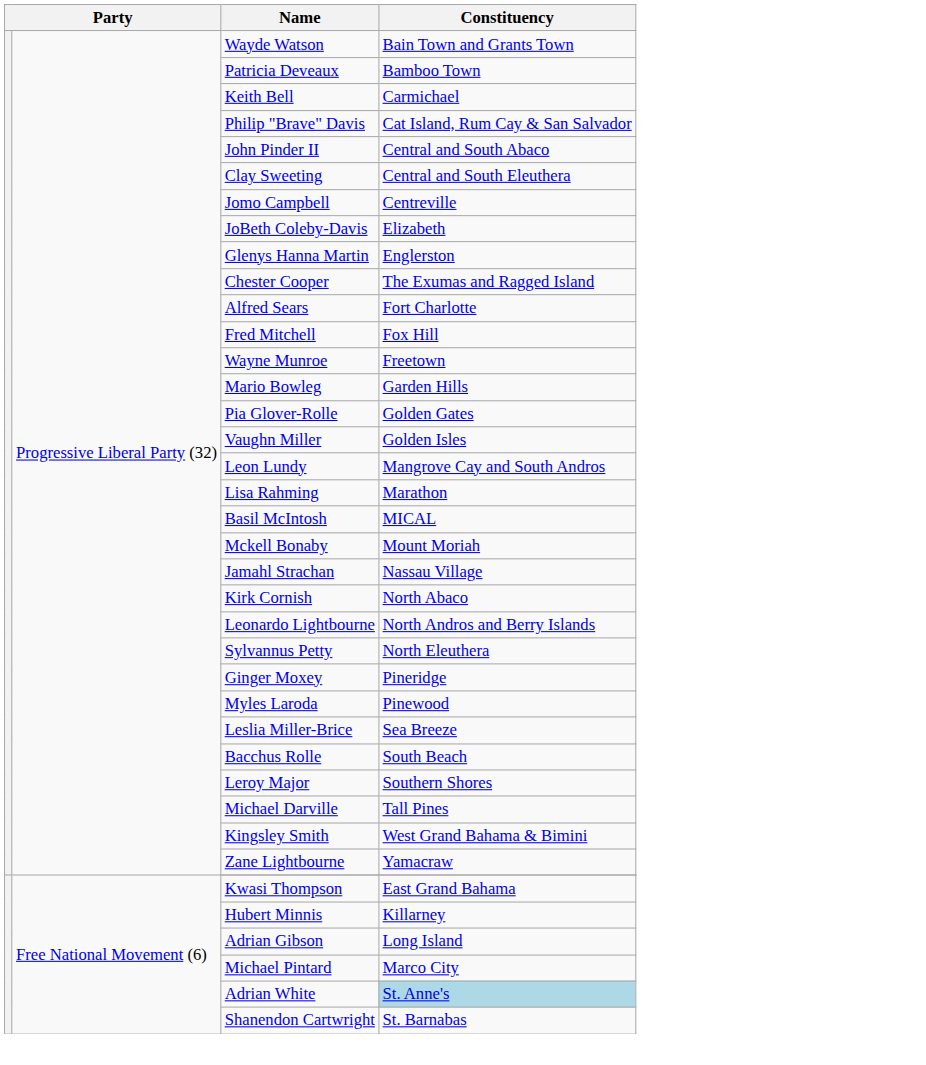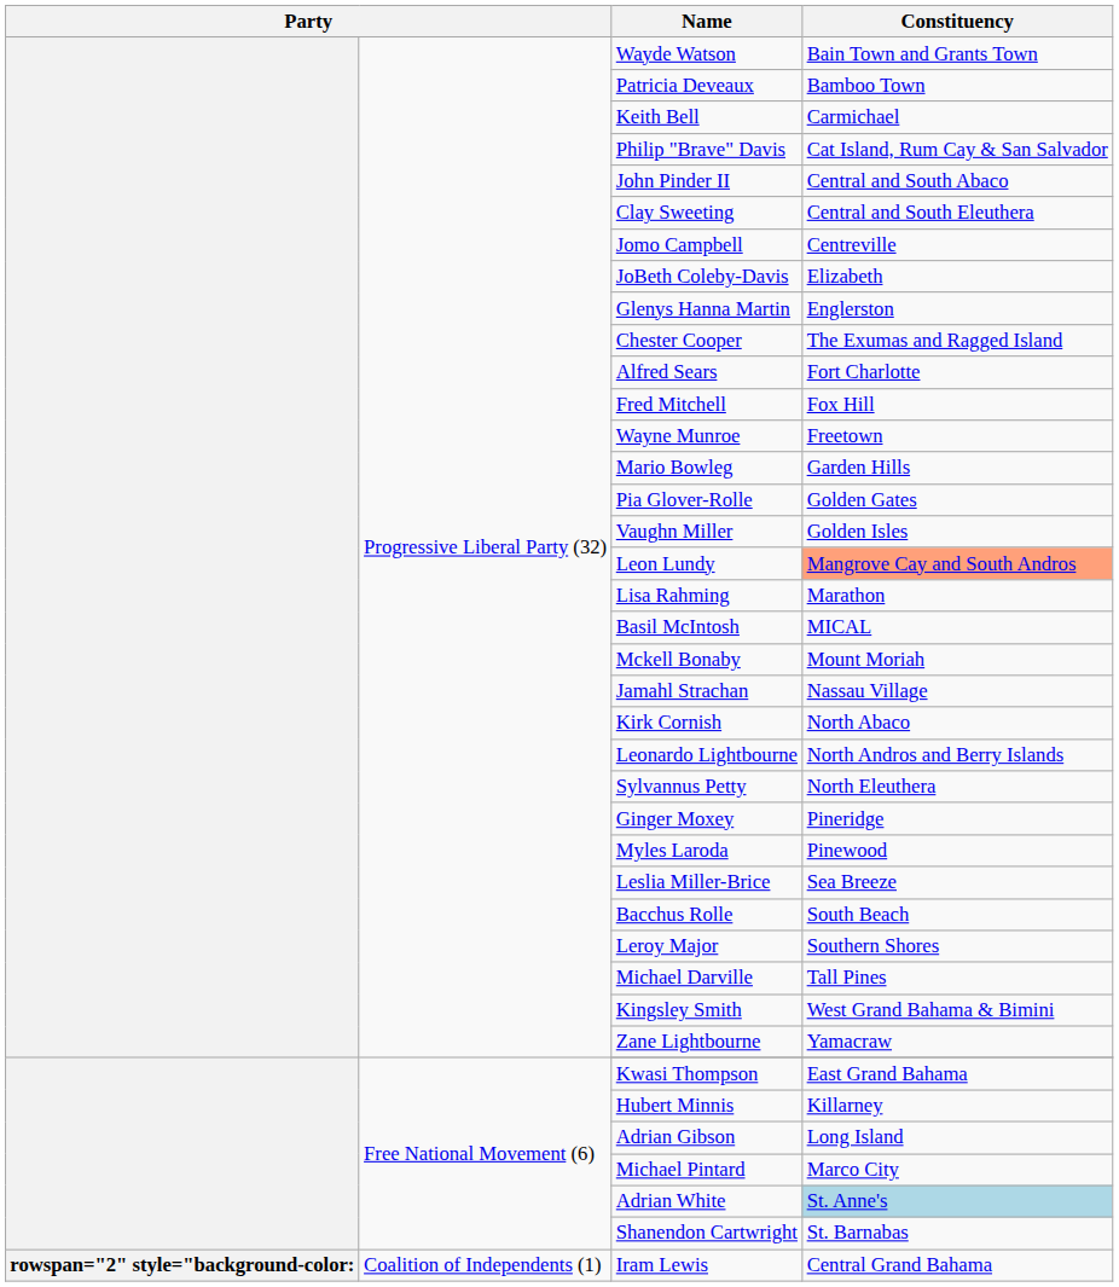 <table class="wikitable sortable">
 <tr>
 <th colspan=2>Party</th>
 <th>Name</th>
 <th>Constituency</th>
 </tr>
 <tr>
 <th rowspan="32" style="background-color: "></th>
 <td rowspan="32"><a href='#'>Progressive Liberal Party</a> (32)</td>
 <td><a href='#'>Wayde Watson</a></td>
 <td><a href='#'>Bain Town and Grants Town</a></td>
 </tr>
 <tr>
 <td><a href='#'>Patricia Deveaux</a></td>
 <td><a href='#'>Bamboo Town</a></td>
 </tr>
 <tr>
 <td><a href='#'>Keith Bell</a></td>
 <td><a href='#'>Carmichael</a></td>
 </tr>
 <tr>
 <td><a href='#'>Philip "Brave" Davis</a></td>
 <td><a href='#'>Cat Island, Rum Cay & San Salvador</a></td>
 </tr>
 <tr>
 <td><a href='#'>John Pinder II</a></td>
 <td><a href='#'>Central and South Abaco</a></td>
 </tr>
 <tr>
 <td><a href='#'>Clay Sweeting</a></td>
 <td><a href='#'>Central and South Eleuthera</a></td>
 </tr>
 <tr>
 <td><a href='#'>Jomo Campbell</a></td>
 <td><a href='#'>Centreville</a></td>
 </tr>
 <tr>
 <td><a href='#'>JoBeth Coleby-Davis</a></td>
 <td><a href='#'>Elizabeth</a></td>
 </tr>
 <tr>
 <td><a href='#'>Glenys Hanna Martin</a></td>
 <td><a href='#'>Englerston</a></td>
 </tr>
 <tr>
 <td><a href='#'>Chester Cooper</a></td>
 <td><a href='#'>The Exumas and Ragged Island</a></td>
 </tr>
 <tr>
 <td><a href='#'>Alfred Sears</a></td>
 <td><a href='#'>Fort Charlotte</a></td>
 </tr>
 <tr>
 <td><a href='#'>Fred Mitchell</a></td>
 <td><a href='#'>Fox Hill</a></td>
 </tr>
 <tr>
 <td><a href='#'>Wayne Munroe</a></td>
 <td><a href='#'>Freetown</a></td>
 </tr>
 <tr>
 <td><a href='#'>Mario Bowleg</a></td>
 <td><a href='#'>Garden Hills</a></td>
 </tr>
 <tr>
 <td><a href='#'>Pia Glover-Rolle</a></td>
 <td><a href='#'>Golden Gates</a></td>
 </tr>
 <tr>
 <td><a href='#'>Vaughn Miller</a></td>
 <td><a href='#'>Golden Isles</a></td>
 </tr>
 <tr>
 <td><a href='#'>Leon Lundy</a></td>
-<td><a href='#'>Mangrove Cay and South Andros</a></td>
+<td style="background: lightsalmon;"><a href='#'>Mangrove Cay and South Andros</a></td>
 </tr>
 <tr>
 <td><a href='#'>Lisa Rahming</a></td>
 <td><a href='#'>Marathon</a></td>
 </tr>
 <tr>
 <td><a href='#'>Basil McIntosh</a></td>
 <td><a href='#'>MICAL</a></td>
 </tr>
 <tr>
 <td><a href='#'>Mckell Bonaby</a></td>
 <td><a href='#'>Mount Moriah</a></td>
 </tr>
 <tr>
 <td><a href='#'>Jamahl Strachan</a></td>
 <td><a href='#'>Nassau Village</a></td>
 </tr>
 <tr>
 <td><a href='#'>Kirk Cornish</a></td>
 <td><a href='#'>North Abaco</a></td>
 </tr>
 <tr>
 <td><a href='#'>Leonardo Lightbourne</a></td>
 <td><a href='#'>North Andros and Berry Islands</a></td>
 </tr>
 <tr>
 <td><a href='#'>Sylvannus Petty</a></td>
 <td><a href='#'>North Eleuthera</a></td>
 </tr>
 <tr>
 <td><a href='#'>Ginger Moxey</a></td>
 <td><a href='#'>Pineridge</a></td>
 </tr>
 <tr>
 <td><a href='#'>Myles Laroda</a></td>
 <td><a href='#'>Pinewood</a></td>
 </tr>
 <tr>
 <td><a href='#'>Leslia Miller-Brice</a></td>
 <td><a href='#'>Sea Breeze</a></td>
 </tr>
 <tr>
 <td><a href='#'>Bacchus Rolle</a></td>
 <td><a href='#'>South Beach</a></td>
 </tr>
 <tr>
 <td><a href='#'>Leroy Major</a></td>
 <td><a href='#'>Southern Shores</a></td>
 </tr>
 <tr>
 <td><a href='#'>Michael Darville</a></td>
 <td><a href='#'>Tall Pines</a></td>
 </tr>
 <tr>
 <td><a href='#'>Kingsley Smith</a></td>
 <td><a href='#'>West Grand Bahama & Bimini</a></td>
 </tr>
 <tr>
 <td><a href='#'>Zane Lightbourne</a></td>
 <td><a href='#'>Yamacraw</a></td>
 </tr>
 <tr>
 <th rowspan="7" style="background-color: "></th>
 <td rowspan="7"><a href='#'>Free National Movement</a> (6)</td>
 </tr>
 <tr>
 <td><a href='#'>Kwasi Thompson</a></td>
 <td><a href='#'>East Grand Bahama</a></td>
 </tr>
 <tr>
 <td><a href='#'>Hubert Minnis</a></td>
 <td><a href='#'>Killarney</a></td>
 </tr>
 <tr>
 <td><a href='#'>Adrian Gibson</a></td>
 <td><a href='#'>Long Island</a></td>
 </tr>
 <tr>
 <td><a href='#'>Michael Pintard</a></td>
 <td><a href='#'>Marco City</a></td>
 </tr>
 <tr>
 <td><a href='#'>Adrian White</a></td>
 <td style="background: lightblue;"><a href='#'>St. Anne's</a></td>
 </tr>
 <tr>
 <td><a href='#'>Shanendon Cartwright</a></td>
 <td><a href='#'>St. Barnabas</a></td>
 </tr>
+<tr>
+<th>rowspan="2" style="background-color:</th>
+<td><a href='#'>Coalition of Independents</a> (1)</td>
+<td><a href='#'>Iram Lewis</a></td>
+<td><a href='#'>Central Grand Bahama</a></td>
+</tr>
 </table>
